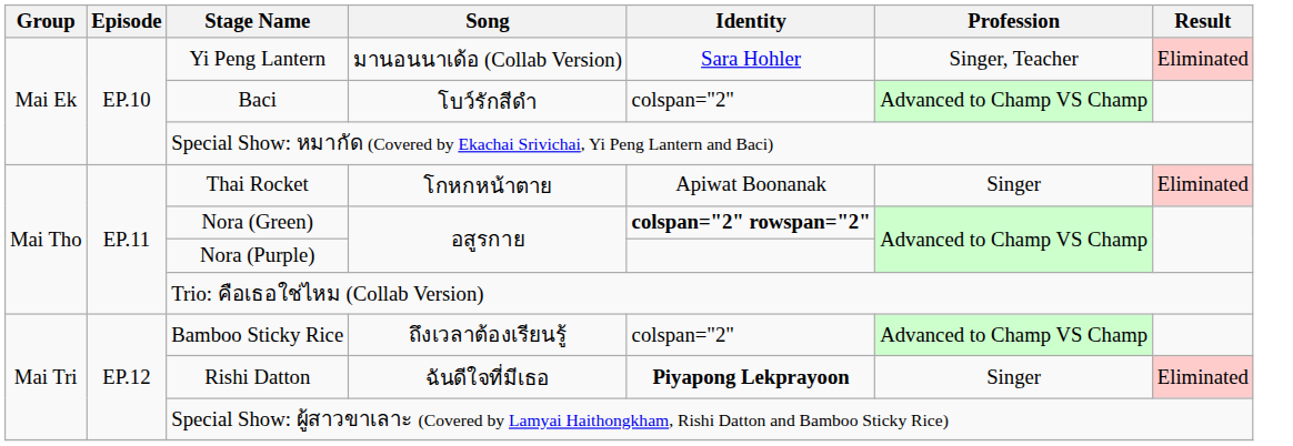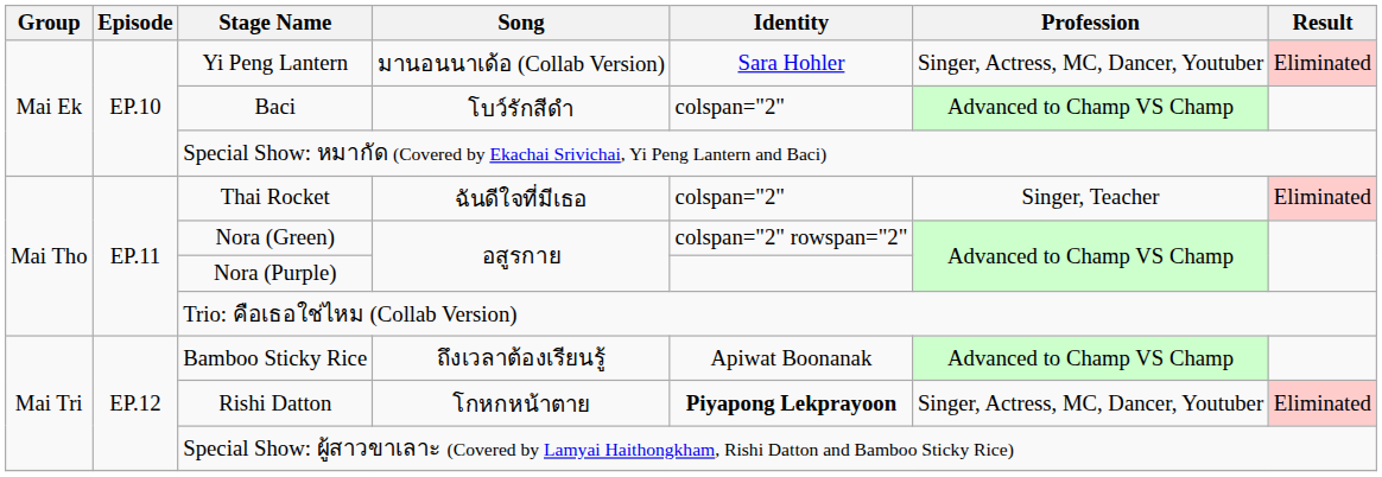 <table class="wikitable">
 <tr>
 <th>Group</th>
 <th>Episode</th>
 <th>Stage Name</th>
 <th>Song</th>
 <th>Identity</th>
 <th>Profession</th>
 <th>Result</th>
 </tr>
 <tr>
 <td align="center" rowspan="3">Mai Ek</td>
 <td rowspan="3" align="center">EP.10</td>
 <td style="text-align:center;">Yi Peng Lantern</td>
 <td style="text-align:center;">มานอนนาเด้อ (Collab Version)</td>
 <td style="text-align:center;"><a href='#'>Sara Hohler</a></td>
-<td style="text-align:center;">Singer, Teacher</td>
+<td style="text-align:center;">Singer, Actress, MC, Dancer, Youtuber</td>
 <td style="text-align:center; background:#ffcccc;">Eliminated</td>
 </tr>
 <tr>
 <td style="text-align:center;">Baci</td>
 <td style="text-align:center;">โบว์รักสีดำ</td>
 <td>colspan="2" </td>
 <td style="text-align:center; background:#ccffcc;">Advanced to Champ VS Champ</td>
 </tr>
 <tr>
 <td colspan="5">Special Show: หมากัด <small>(Covered by <a href='#'>Ekachai Srivichai</a>, Yi Peng Lantern and Baci)</small></td>
 </tr>
 <tr>
 <td align="center" rowspan="4">Mai Tho</td>
 <td rowspan="4" align="center">EP.11</td>
 <td style="text-align:center;">Thai Rocket</td>
-<td style="text-align:center;">โกหกหน้าตาย</td>
-<td style="text-align:center;">Apiwat Boonanak</td>
-<td style="text-align:center;">Singer</td>
+<td style="text-align:center;">ฉันดีใจที่มีเธอ</td>
+<td>colspan="2" </td>
+<td style="text-align:center;">Singer, Teacher</td>
 <td style="text-align:center; background:#ffcccc;">Eliminated</td>
 </tr>
 <tr>
 <td style="text-align:center;">Nora (Green)</td>
 <td rowspan="2" style="text-align:center;">อสูรกาย</td>
-<td><strong>colspan="2" rowspan="2" </strong></td>
+<td>colspan="2" rowspan="2" </td>
 <td rowspan="2" style="text-align:center; background:#ccffcc;">Advanced to Champ VS Champ</td>
 </tr>
 <tr>
 <td style="text-align:center;">Nora (Purple)</td>
 </tr>
 <tr>
 <td colspan="5">Trio: คือเธอใช่ไหม (Collab Version)</td>
 </tr>
 <tr>
 <td rowspan="3" align="center">Mai Tri</td>
 <td rowspan="3" align="center">EP.12</td>
 <td style="text-align:center;">Bamboo Sticky Rice</td>
 <td style="text-align:center;">ถึงเวลาต้องเรียนรู้</td>
-<td>colspan="2" </td>
+<td style="text-align:center;">Apiwat Boonanak</td>
 <td style="text-align:center; background:#ccffcc;">Advanced to Champ VS Champ</td>
 </tr>
 <tr>
 <td style="text-align:center;">Rishi Datton</td>
-<td style="text-align:center;">ฉันดีใจที่มีเธอ</td>
+<td style="text-align:center;">โกหกหน้าตาย</td>
 <td style="text-align:center;"><strong>Piyapong Lekprayoon</strong></td>
-<td style="text-align:center;">Singer</td>
+<td style="text-align:center;">Singer, Actress, MC, Dancer, Youtuber</td>
 <td style="text-align:center; background:#ffcccc;">Eliminated</td>
 </tr>
 <tr>
 <td colspan="5">Special Show: ผู้สาวขาเลาะ <small>(Covered by <a href='#'>Lamyai Haithongkham</a>, Rishi Datton and Bamboo Sticky Rice)</small></td>
 </tr>
 <tr>
 </tr>
 </table>
